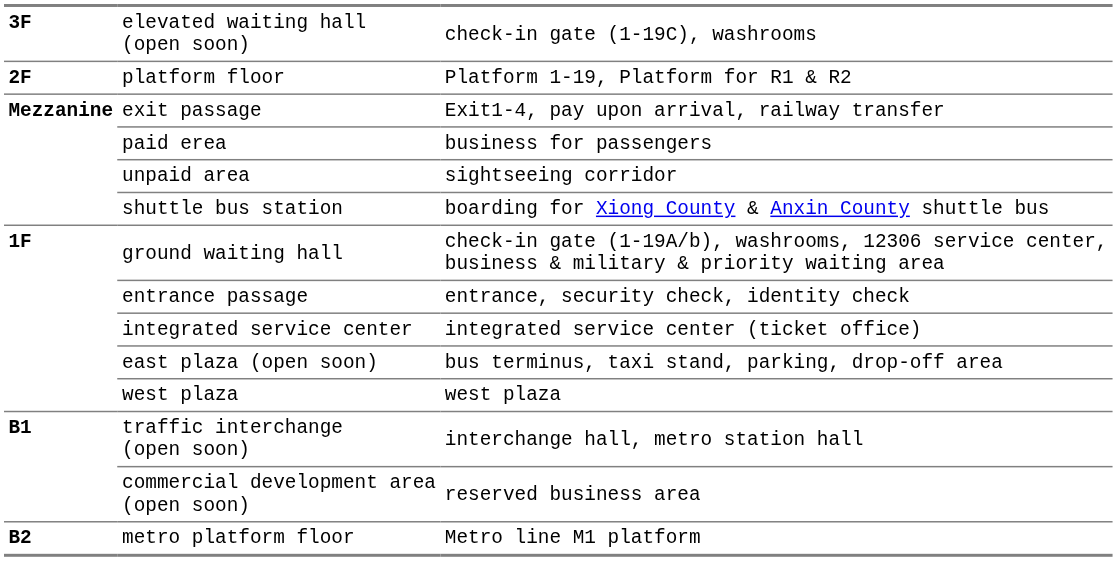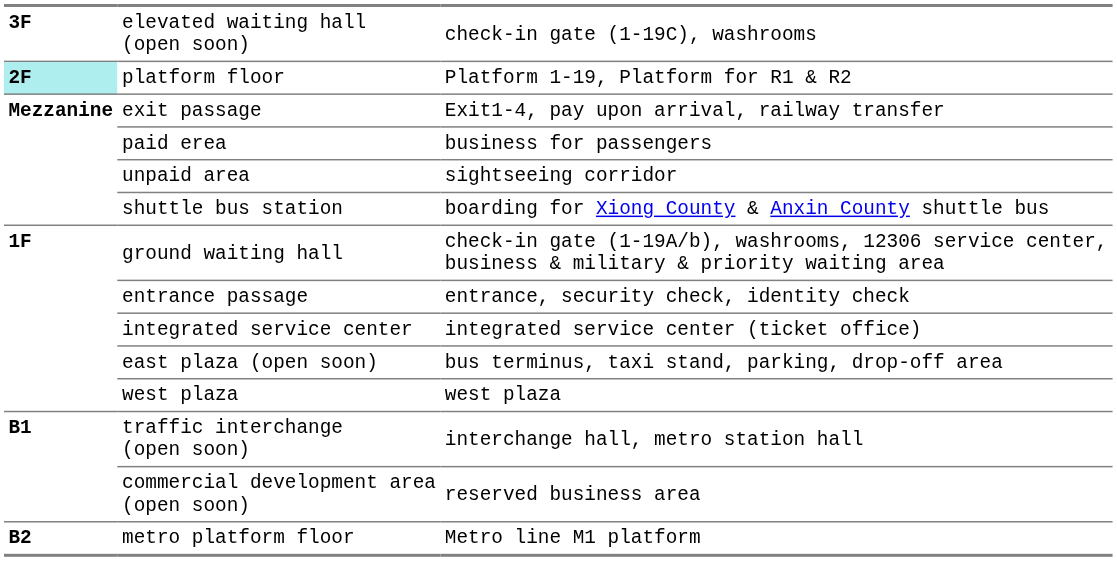 <table cellspacing="0" cellpadding="3">
 <tr>
 <td rowspan="1" style="width:60px; border-top:solid 2px gray;border-bottom:solid 1px gray; " valign="top"><strong>3F</strong></td>
 <td style="border-top:solid 2px gray; border-bottom:solid 1px gray; ">elevated waiting hall<br>(open soon)</td>
 <td colspan="2" style="border-top:solid 2px gray; border-bottom:solid 1px gray; ">check-in gate (1-19C), washrooms</td>
 </tr>
 <tr>
-<td rowspan="1" style="width:60px; border-bottom:solid 1px gray;  " valign="top"><strong>2F</strong></td>
+<td rowspan="1" style="background: paleturquoise; width:60px; border-bottom:solid 1px gray;  " valign="top"><strong>2F</strong></td>
 <td style="border-bottom:solid 1px gray; ">platform floor</td>
 <td colspan="2" style="border-bottom:solid 1px gray; ">Platform 1-19, Platform for R1 & R2</td>
 </tr>
 <tr>
 <td rowspan="4" style="width:60px; border-bottom:solid 1px gray;  " valign="top"><strong>Mezzanine</strong></td>
 <td style="border-bottom:solid 1px gray; ">exit passage</td>
 <td colspan="2" style="border-bottom:solid 1px gray; ">Exit1-4, pay upon arrival, railway transfer</td>
 </tr>
 <tr>
 <td style="border-bottom:solid 1px gray; ">paid erea</td>
 <td colspan="2" style="border-bottom:solid 1px gray; ">business for passengers</td>
 </tr>
 <tr>
 <td style="border-bottom:solid 1px gray; ">unpaid area</td>
 <td colspan="2" style="border-bottom:solid 1px gray; ">sightseeing corridor</td>
 </tr>
 <tr>
 <td style="border-bottom:solid 1px gray; ">shuttle bus station</td>
 <td colspan="2" style="border-bottom:solid 1px gray; ">boarding for  <a href='#'>Xiong County</a> & <a href='#'>Anxin County</a> shuttle bus</td>
 </tr>
 <tr>
 <td rowspan="5" style="width:60px; border-bottom:solid 1px gray;  " valign="top"><strong>1F</strong></td>
 <td style="border-bottom:solid 1px gray; ">ground waiting hall</td>
 <td colspan="2" style="border-bottom:solid 1px gray; ">check-in gate (1-19A/b), washrooms, 12306 service center,<br>business & military & priority waiting area</td>
 </tr>
 <tr>
 <td style="border-bottom:solid 1px gray; ">entrance passage</td>
 <td colspan="2" style="border-bottom:solid 1px gray; ">entrance, security check, identity check</td>
 </tr>
 <tr>
 <td style="border-bottom:solid 1px gray; ">integrated service center</td>
 <td colspan="2" style="border-bottom:solid 1px gray; ">integrated service center (ticket office)</td>
 </tr>
 <tr>
 <td style="border-bottom:solid 1px gray; ">east plaza (open soon)</td>
 <td colspan="2" style="border-bottom:solid 1px gray; ">bus terminus, taxi stand, parking, drop-off area</td>
 </tr>
 <tr>
 <td style="border-bottom:solid 1px gray; ">west plaza</td>
 <td colspan="2" style="border-bottom:solid 1px gray; ">west plaza</td>
 </tr>
 <tr>
 <td rowspan="2" style="width:60px; border-bottom:solid 1px gray;  " valign="top"><strong>B1</strong></td>
 <td style="border-bottom:solid 1px gray; ">traffic interchange<br>(open soon)</td>
 <td colspan="2" style="border-bottom:solid 1px gray; ">interchange hall,  metro station hall</td>
 </tr>
 <tr>
 <td style="border-bottom:solid 1px gray; ">commercial development area<br>(open soon)</td>
 <td colspan="2" style="border-bottom:solid 1px gray; ">reserved business area</td>
 </tr>
 <tr>
 <td rowspan="6" style="border-bottom:solid 2px gray;  " valign="top"><strong>B2</strong></td>
 <td style="border-bottom:solid 2px gray; ">metro platform floor</td>
 <td colspan="2" style="border-bottom:solid 2px gray; ">Metro line M1 platform</td>
 </tr>
 <tr>
 </tr>
 </table>
